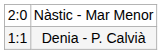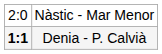 <table class="wikitable">
 <tr align=center bgcolor=white>
 <td>2:0</td>
 <td>Nàstic - Mar Menor</td>
 </tr>
 <tr align=center bgcolor=#F5F5F5>
-<td>1:1</td>
+<td><strong>1:1</strong></td>
 <td>Denia - P. Calvià</td>
 </tr>
 </table>
